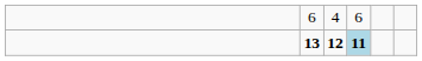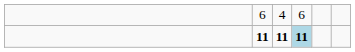 <table class="wikitable">
 <tr>
 <td style="width:18em"></td>
 <td align=center style="width:1em">6</td>
 <td align=center style="width:1em">4</td>
 <td align=center style="width:1em">6</td>
 <td align=center style="width:1em"></td>
 <td align=center style="width:1em"></td>
 </tr>
 <tr>
 <td style="width:18em"><strong></strong></td>
-<td align=center style="width:1em"><strong>13</strong></td>
-<td align=center style="width:1em"><strong>12</strong></td>
+<td align=center style="width:1em"><strong>11</strong></td>
+<td align=center style="width:1em"><strong>11</strong></td>
 <td align=center style="background: lightblue; width:1em"><strong>11</strong></td>
 <td align=center style="width:1em"></td>
 <td align=center style="width:1em"></td>
 </tr>
 </table>
